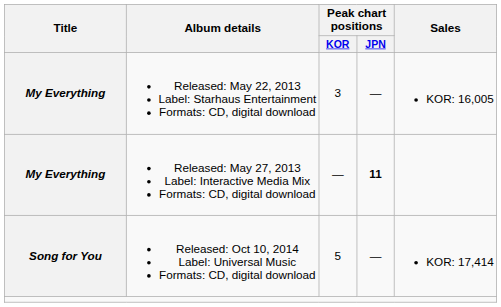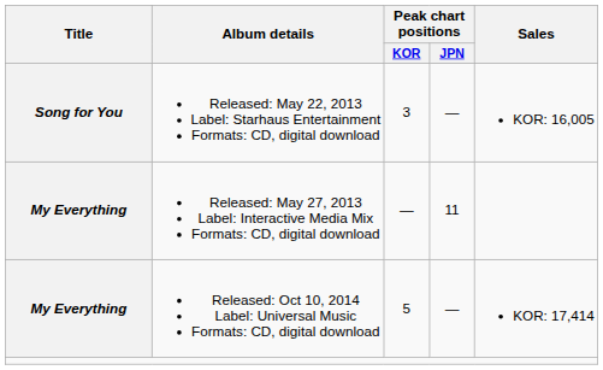 <table class="wikitable plainrowheaders" style="text-align:center;">
 <tr>
 <th scope="col" rowspan="2" style="width:10em;">Title</th>
 <th scope="col" rowspan="2">Album details</th>
 <th scope="col" colspan="2" style="width:6em;">Peak chart positions</th>
 <th scope="col" rowspan="2">Sales</th>
 </tr>
 <tr>
 <th scope="col" style="width:3em;font-size:90%;"><a href='#'>KOR</a><br></th>
 <th scope="col" style="width:3em;font-size:90%;"><a href='#'>JPN</a><br></th>
 </tr>
 <tr>
-<th scope="row"><em>My Everything</em></th>
+<th scope="row"><em>Song for You</em></th>
 <td><br><ul><li>Released: May 22, 2013 </li><li>Label: Starhaus Entertainment</li><li>Formats: CD, digital download</li></ul></td>
 <td>3</td>
 <td>—</td>
 <td><br><ul><li>KOR: 16,005</li></ul></td>
 </tr>
 <tr>
 <th scope="row"><em>My Everything</em></th>
 <td><br><ul><li>Released: May 27, 2013 </li><li>Label: Interactive Media Mix</li><li>Formats: CD, digital download</li></ul></td>
 <td>—</td>
-<td><strong>11</strong></td>
+<td>11</td>
 <td></td>
 </tr>
 <tr>
-<th scope="row"><em>Song for You</em></th>
+<th scope="row"><em>My Everything</em></th>
 <td><br><ul><li>Released: Oct 10, 2014 </li><li>Label: Universal Music</li><li>Formats: CD, digital download</li></ul></td>
 <td>5</td>
 <td>—</td>
 <td><br><ul><li>KOR: 17,414</li></ul></td>
 </tr>
 <tr>
 <td colspan="5" align="center"></td>
 </tr>
 </table>
